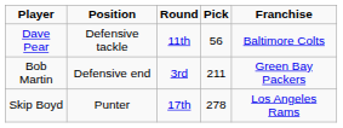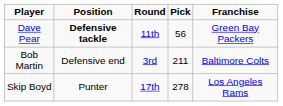 <table class="wikitable" width="50%">
 <tr align="center">
 <td><strong>Player</strong></td>
 <td><strong>Position</strong></td>
 <td><strong>Round</strong></td>
 <td><strong>Pick</strong></td>
 <td><strong>Franchise</strong></td>
 </tr>
 <tr align="center" bgcolor="">
 <td><a href='#'>Dave Pear</a></td>
-<td>Defensive tackle</td>
+<td><strong>Defensive tackle</strong></td>
 <td><a href='#'>11th</a></td>
 <td>56</td>
-<td><a href='#'>Baltimore Colts</a></td>
+<td><a href='#'>Green Bay Packers</a></td>
 </tr>
 <tr align="center" bgcolor="">
 <td>Bob Martin</td>
 <td>Defensive end</td>
 <td><a href='#'>3rd</a></td>
 <td>211</td>
-<td><a href='#'>Green Bay Packers</a></td>
+<td><a href='#'>Baltimore Colts</a></td>
 </tr>
 <tr align="center" bgcolor="">
 <td>Skip Boyd</td>
 <td>Punter</td>
 <td><a href='#'>17th</a></td>
 <td>278</td>
 <td><a href='#'>Los Angeles Rams</a></td>
 </tr>
 </table>
